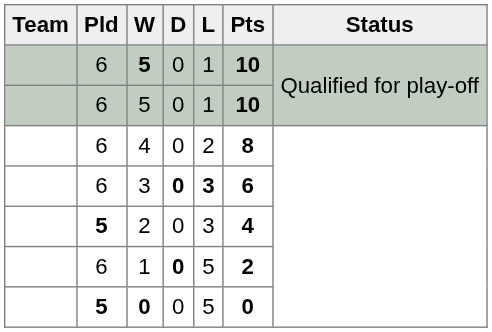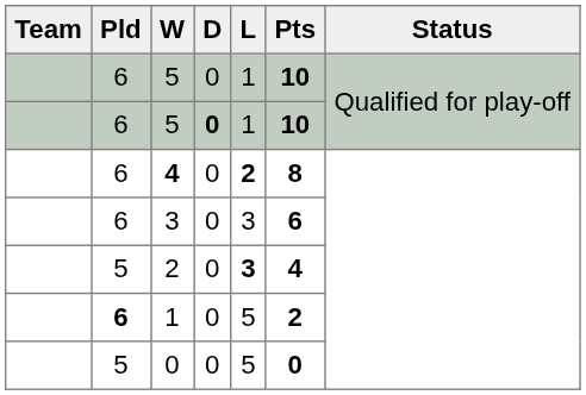 <table style=border-collapse:collapse border=1 cellspacing=0 cellpadding=5>
 <tr align=center bgcolor=#efefef>
 <th>Team</th>
 <th>Pld</th>
 <th>W</th>
 <th>D</th>
 <th>L</th>
 <th>Pts</th>
 <th>Status</th>
 </tr>
 <tr align=center style="background:#C1CDC1">
 <td style="text-align:left;"> </td>
 <td>6</td>
-<td><strong>5</strong></td>
+<td>5</td>
 <td>0</td>
 <td>1</td>
 <td><strong>10</strong></td>
 <td rowspan=2>Qualified for play-off</td>
 </tr>
 <tr align=center style="background:#C1CDC1">
 <td style="text-align:left;"> </td>
 <td>6</td>
 <td>5</td>
-<td>0</td>
+<td><strong>0</strong></td>
 <td>1</td>
 <td><strong>10</strong></td>
 </tr>
 <tr align=center style="background:#FFFFFF;">
 <td style="text-align:left;"> </td>
 <td>6</td>
-<td>4</td>
+<td><strong>4</strong></td>
 <td>0</td>
-<td>2</td>
+<td><strong>2</strong></td>
 <td><strong>8</strong></td>
 <td rowspan=5></td>
 </tr>
 <tr align=center style="background:#FFFFFF;">
 <td style="text-align:left;"> </td>
 <td>6</td>
 <td>3</td>
-<td><strong>0</strong></td>
-<td><strong>3</strong></td>
+<td>0</td>
+<td>3</td>
 <td><strong>6</strong></td>
 </tr>
 <tr align=center style="background:#FFFFFF;">
 <td style="text-align:left;"> </td>
-<td><strong>5</strong></td>
+<td>5</td>
 <td>2</td>
 <td>0</td>
-<td>3</td>
+<td><strong>3</strong></td>
 <td><strong>4</strong></td>
 </tr>
 <tr align=center style="background:#FFFFFF;">
 <td style="text-align:left;"> </td>
-<td>6</td>
+<td><strong>6</strong></td>
 <td>1</td>
-<td><strong>0</strong></td>
+<td>0</td>
 <td>5</td>
 <td><strong>2</strong></td>
 </tr>
 <tr align=center style="background:#FFFFFF;">
 <td style="text-align:left;"> </td>
-<td><strong>5</strong></td>
-<td><strong>0</strong></td>
+<td>5</td>
+<td>0</td>
 <td>0</td>
 <td>5</td>
 <td><strong>0</strong></td>
 </tr>
 </table>
